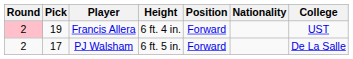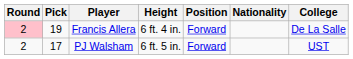 <table class="wikitable sortable sortable">
 <tr>
 <th>Round</th>
 <th>Pick</th>
 <th>Player</th>
 <th>Height</th>
 <th>Position</th>
 <th>Nationality</th>
 <th>College</th>
 </tr>
 <tr style="text-align: center">
 <td style="background: pink;">2</td>
 <td>19</td>
 <td><a href='#'>Francis Allera</a></td>
 <td>6 ft. 4 in.</td>
 <td><a href='#'>Forward</a></td>
 <td></td>
-<td><a href='#'>UST</a></td>
+<td><a href='#'>De La Salle</a></td>
 </tr>
 <tr style="text-align: center">
 <td>2</td>
 <td>17</td>
 <td><a href='#'>PJ Walsham</a></td>
 <td>6 ft. 5 in.</td>
 <td><a href='#'>Forward</a></td>
 <td></td>
-<td><a href='#'>De La Salle</a></td>
+<td><a href='#'>UST</a></td>
 </tr>
 </table>
